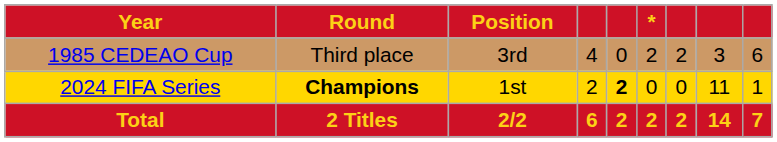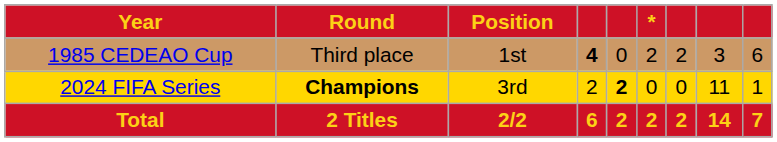 <table class="wikitable" style="font-size:90%; text-align:center;" width="60%">
 <tr>
 <th style="background:#CE1126; color:#FCD116; ">Year</th>
 <th style="background:#CE1126; color:#FCD116; ">Round</th>
 <th style="background:#CE1126; color:#FCD116; ">Position</th>
 <th style="background:#CE1126; color:#FCD116; "></th>
 <th style="background:#CE1126; color:#FCD116; "></th>
 <th style="background:#CE1126; color:#FCD116; ">*</th>
 <th style="background:#CE1126; color:#FCD116; "></th>
 <th style="background:#CE1126; color:#FCD116; "></th>
 <th style="background:#CE1126; color:#FCD116; "></th>
 </tr>
 <tr style="background:#cc9966;">
 <td> <a href='#'>1985 CEDEAO Cup</a></td>
 <td>Third place</td>
-<td>3rd</td>
-<td>4</td>
+<td>1st</td>
+<td><strong>4</strong></td>
 <td>0</td>
 <td>2</td>
 <td>2</td>
 <td>3</td>
 <td>6</td>
 </tr>
 <tr bgcolor="gold">
 <td> <a href='#'>2024 FIFA Series</a></td>
 <td><strong>Champions</strong></td>
-<td>1st</td>
+<td>3rd</td>
 <td>2</td>
 <td><strong>2</strong></td>
 <td>0</td>
 <td>0</td>
 <td>11</td>
 <td>1</td>
 </tr>
 <tr>
 <th style="background:#CE1126; color:#FCD116; ">Total</th>
 <th style="background:#CE1126; color:#FCD116; ">2 Titles</th>
 <th style="background:#CE1126; color:#FCD116; ">2/2</th>
 <th style="background:#CE1126; color:#FCD116; ">6</th>
 <th style="background:#CE1126; color:#FCD116; ">2</th>
 <th style="background:#CE1126; color:#FCD116; ">2</th>
 <th style="background:#CE1126; color:#FCD116; ">2</th>
 <th style="background:#CE1126; color:#FCD116; ">14</th>
 <th style="background:#CE1126; color:#FCD116; ">7</th>
 </tr>
 </table>
